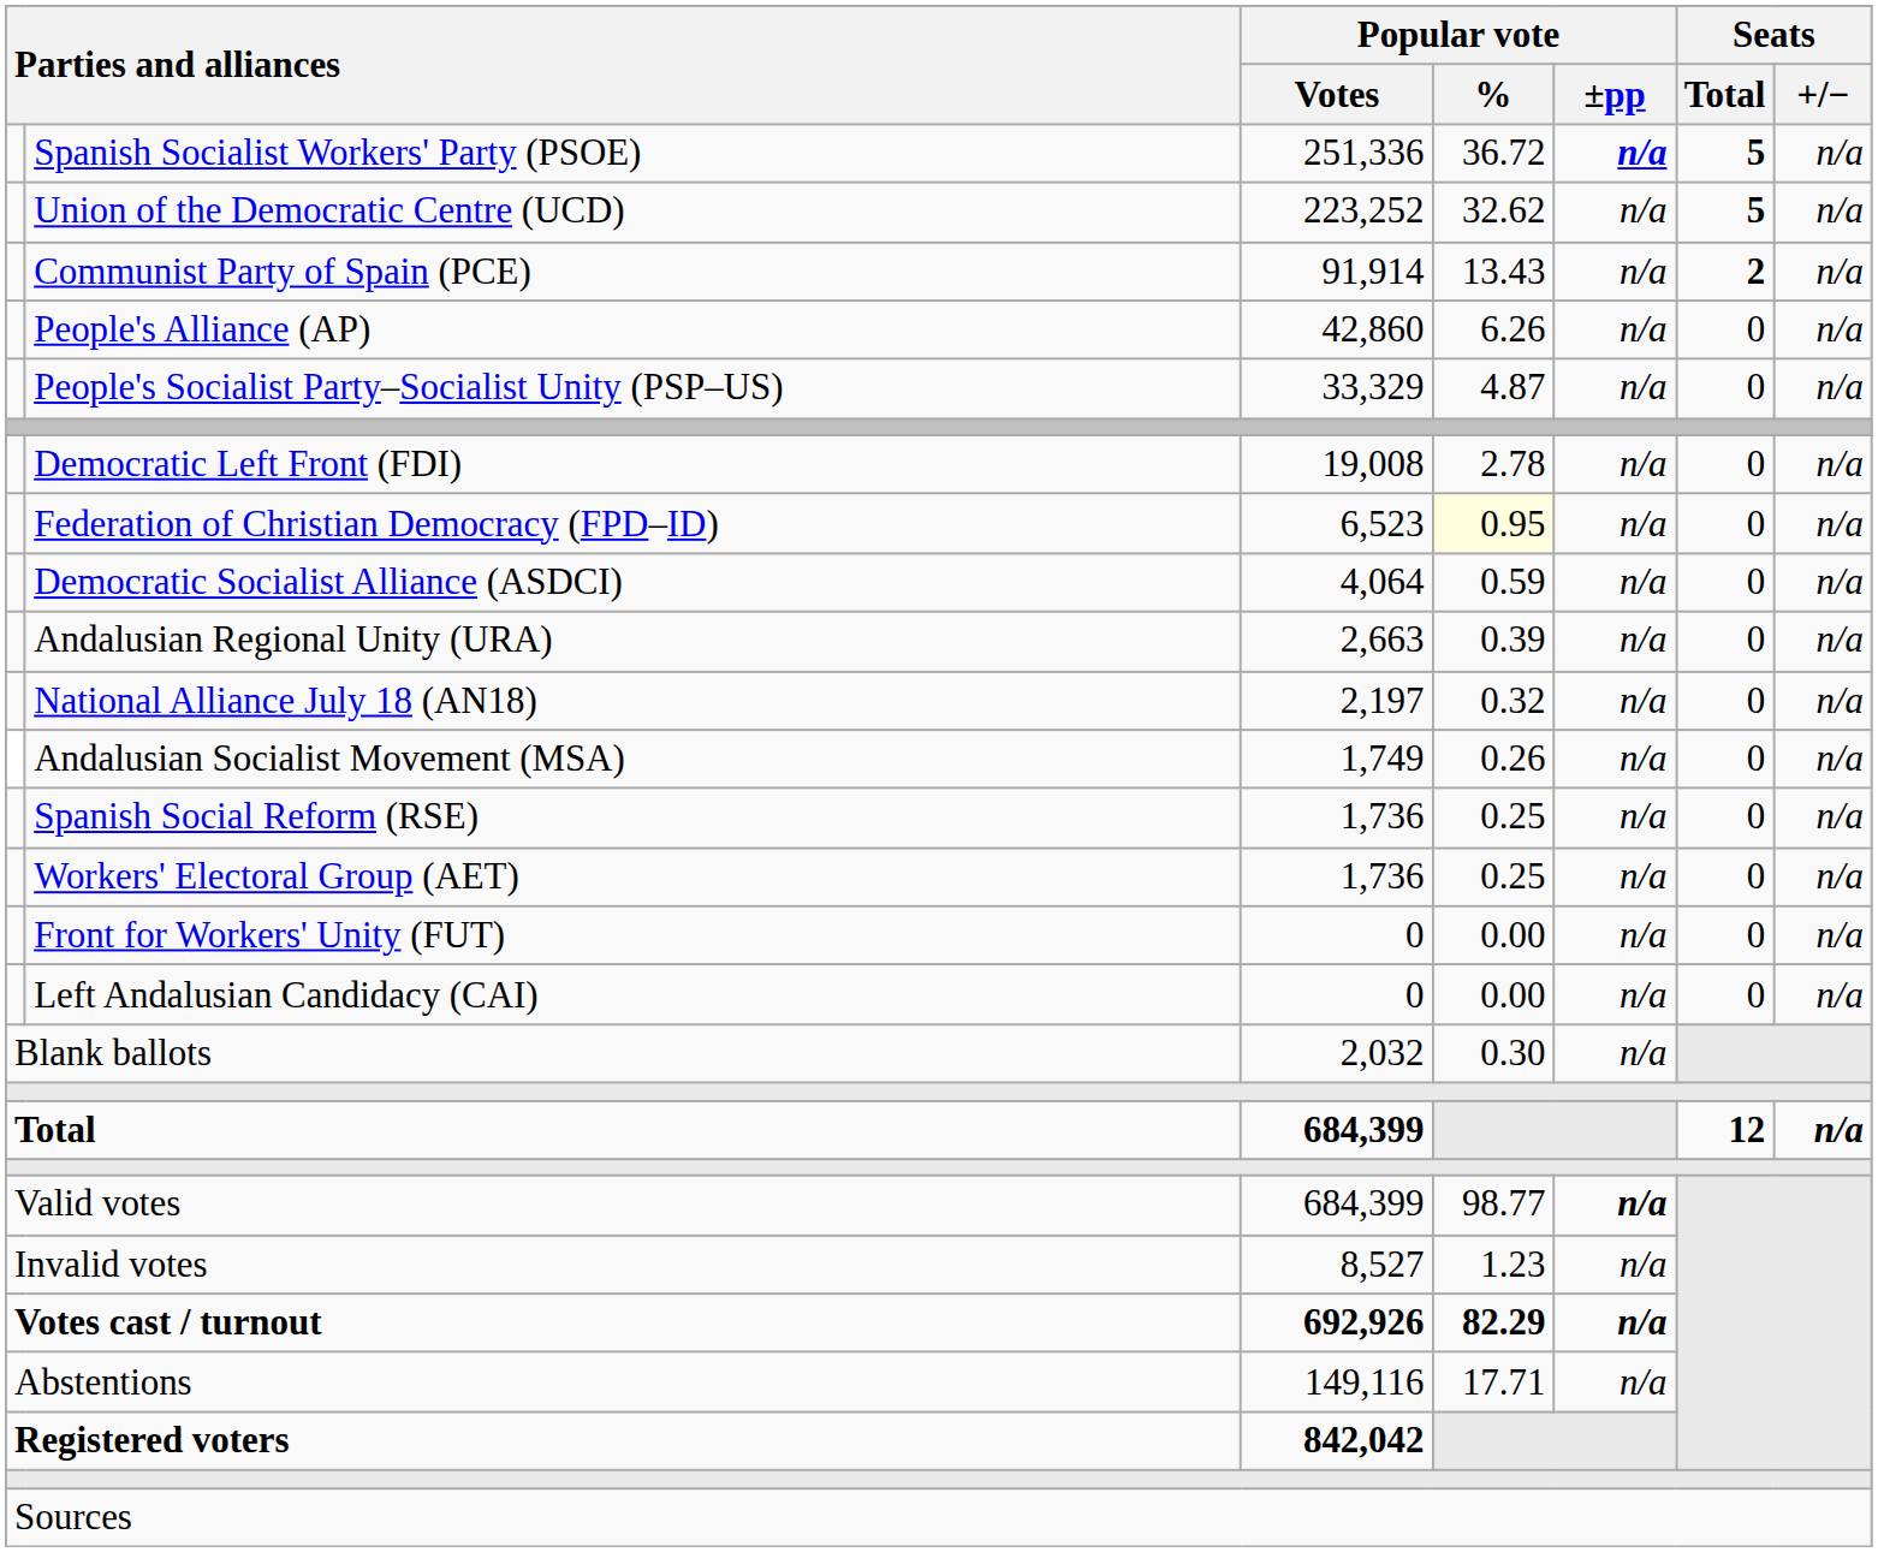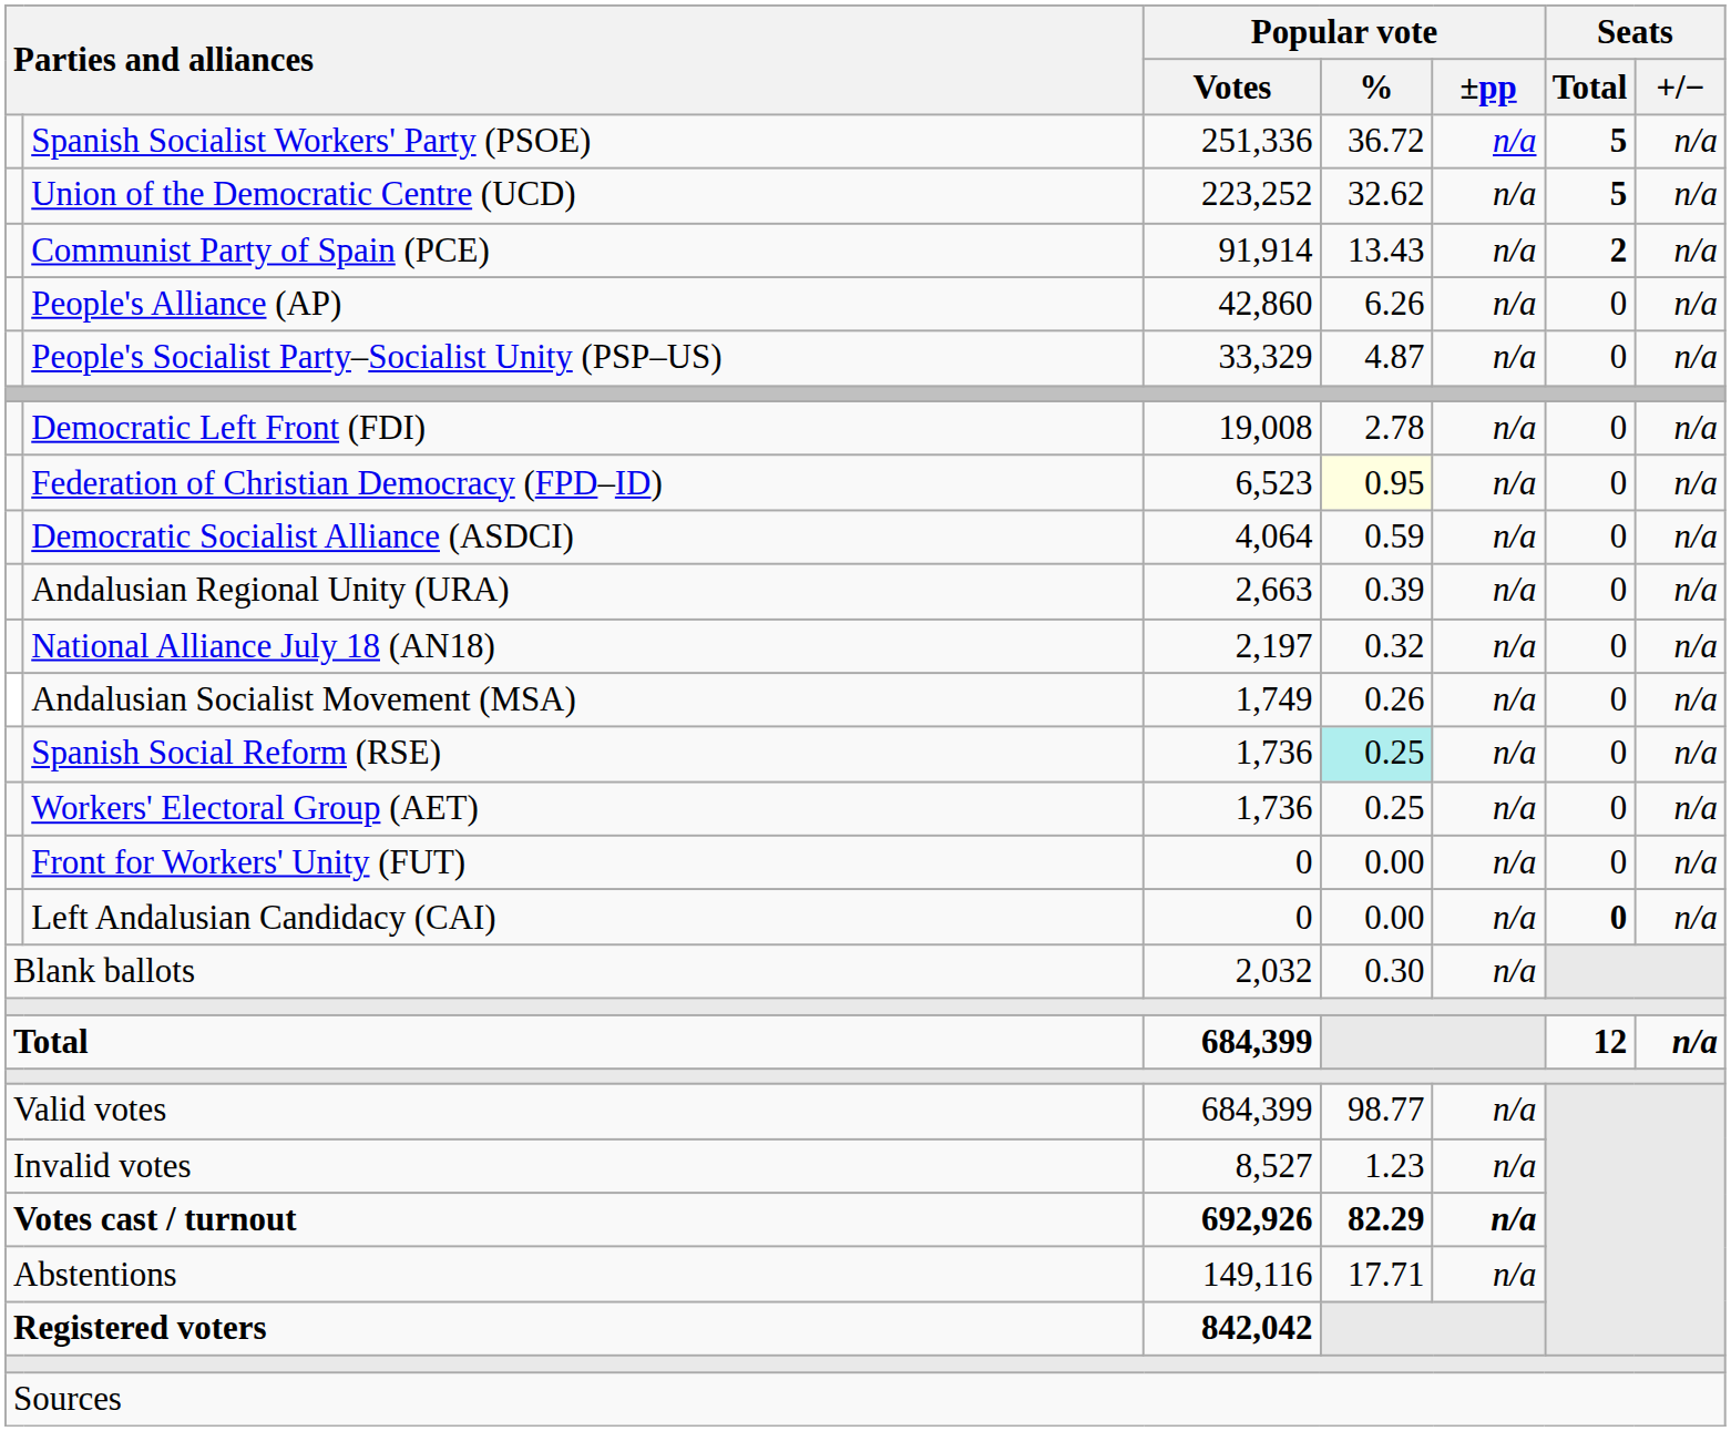 <table class="wikitable" style="text-align:right;">
 <tr>
 <th style="text-align:left;" rowspan="2" colspan="2" width="525">Parties and alliances</th>
 <th colspan="3">Popular vote</th>
 <th colspan="2">Seats</th>
 </tr>
 <tr>
 <th width="75">Votes</th>
 <th width="45">%</th>
 <th width="45">±<a href='#'>pp</a></th>
 <th width="35">Total</th>
 <th width="35">+/−</th>
 </tr>
 <tr>
 <td width="1" style="color:inherit;background:"></td>
 <td align="left"><a href='#'>Spanish Socialist Workers' Party</a> (PSOE)</td>
 <td>251,336</td>
 <td>36.72</td>
-<td><strong><em><a href='#'>n/a</a></em></strong></td>
+<td><em><a href='#'>n/a</a></em></td>
 <td><strong>5</strong></td>
 <td><em>n/a</em></td>
 </tr>
 <tr>
 <td style="color:inherit;background:"></td>
 <td align="left"><a href='#'>Union of the Democratic Centre</a> (UCD)</td>
 <td>223,252</td>
 <td>32.62</td>
 <td><em>n/a</em></td>
 <td><strong>5</strong></td>
 <td><em>n/a</em></td>
 </tr>
 <tr>
 <td style="color:inherit;background:"></td>
 <td align="left"><a href='#'>Communist Party of Spain</a> (PCE)</td>
 <td>91,914</td>
 <td>13.43</td>
 <td><em>n/a</em></td>
 <td><strong>2</strong></td>
 <td><em>n/a</em></td>
 </tr>
 <tr>
 <td style="color:inherit;background:"></td>
 <td align="left"><a href='#'>People's Alliance</a> (AP)</td>
 <td>42,860</td>
 <td>6.26</td>
 <td><em>n/a</em></td>
 <td>0</td>
 <td><em>n/a</em></td>
 </tr>
 <tr>
 <td style="color:inherit;background:"></td>
 <td align="left"><a href='#'>People's Socialist Party</a>–<a href='#'>Socialist Unity</a> (PSP–US)</td>
 <td>33,329</td>
 <td>4.87</td>
 <td><em>n/a</em></td>
 <td>0</td>
 <td><em>n/a</em></td>
 </tr>
 <tr>
 <td colspan="7" bgcolor="#C0C0C0"></td>
 </tr>
 <tr>
 <td style="color:inherit;background:"></td>
 <td align="left"><a href='#'>Democratic Left Front</a> (FDI)</td>
 <td>19,008</td>
 <td>2.78</td>
 <td><em>n/a</em></td>
 <td>0</td>
 <td><em>n/a</em></td>
 </tr>
 <tr>
 <td style="color:inherit;background:"></td>
 <td align="left"><a href='#'>Federation of Christian Democracy</a> (<a href='#'>FPD</a>–<a href='#'>ID</a>)</td>
 <td>6,523</td>
 <td style="background: lightyellow;">0.95</td>
 <td><em>n/a</em></td>
 <td>0</td>
 <td><em>n/a</em></td>
 </tr>
 <tr>
 <td style="color:inherit;background:"></td>
 <td align="left"><a href='#'>Democratic Socialist Alliance</a> (ASDCI)</td>
 <td>4,064</td>
 <td>0.59</td>
 <td><em>n/a</em></td>
 <td>0</td>
 <td><em>n/a</em></td>
 </tr>
 <tr>
 <td style="color:inherit;background:"></td>
 <td align="left">Andalusian Regional Unity (URA)</td>
 <td>2,663</td>
 <td>0.39</td>
 <td><em>n/a</em></td>
 <td>0</td>
 <td><em>n/a</em></td>
 </tr>
 <tr>
 <td style="color:inherit;background:"></td>
 <td align="left"><a href='#'>National Alliance July 18</a> (AN18)</td>
 <td>2,197</td>
 <td>0.32</td>
 <td><em>n/a</em></td>
 <td>0</td>
 <td><em>n/a</em></td>
 </tr>
 <tr>
 <td bgcolor="white"></td>
 <td align="left">Andalusian Socialist Movement (MSA)</td>
 <td>1,749</td>
 <td>0.26</td>
 <td><em>n/a</em></td>
 <td>0</td>
 <td><em>n/a</em></td>
 </tr>
 <tr>
 <td style="color:inherit;background:"></td>
 <td align="left"><a href='#'>Spanish Social Reform</a> (RSE)</td>
 <td>1,736</td>
-<td>0.25</td>
+<td style="background: paleturquoise;">0.25</td>
 <td><em>n/a</em></td>
 <td>0</td>
 <td><em>n/a</em></td>
 </tr>
 <tr>
 <td style="color:inherit;background:"></td>
 <td align="left"><a href='#'>Workers' Electoral Group</a> (AET)</td>
 <td>1,736</td>
 <td>0.25</td>
 <td><em>n/a</em></td>
 <td>0</td>
 <td><em>n/a</em></td>
 </tr>
 <tr>
 <td style="color:inherit;background:"></td>
 <td align="left"><a href='#'>Front for Workers' Unity</a> (FUT)</td>
 <td>0</td>
 <td>0.00</td>
 <td><em>n/a</em></td>
 <td>0</td>
 <td><em>n/a</em></td>
 </tr>
 <tr>
 <td style="color:inherit;background:"></td>
 <td align="left">Left Andalusian Candidacy (CAI)</td>
 <td>0</td>
 <td>0.00</td>
 <td><em>n/a</em></td>
-<td>0</td>
+<td><strong>0</strong></td>
 <td><em>n/a</em></td>
 </tr>
 <tr>
 <td align="left" colspan="2">Blank ballots</td>
 <td>2,032</td>
 <td>0.30</td>
 <td><em>n/a</em></td>
 <td bgcolor="#E9E9E9" colspan="2"></td>
 </tr>
 <tr>
 <td colspan="7" bgcolor="#E9E9E9"></td>
 </tr>
 <tr style="font-weight:bold;">
 <td align="left" colspan="2">Total</td>
 <td>684,399</td>
 <td bgcolor="#E9E9E9" colspan="2"></td>
 <td>12</td>
 <td><em>n/a</em></td>
 </tr>
 <tr>
 <td colspan="7" bgcolor="#E9E9E9"></td>
 </tr>
 <tr>
 <td align="left" colspan="2">Valid votes</td>
 <td>684,399</td>
 <td>98.77</td>
-<td><strong><em>n/a</em></strong></td>
+<td><em>n/a</em></td>
 <td bgcolor="#E9E9E9" colspan="2" rowspan="5"></td>
 </tr>
 <tr>
 <td align="left" colspan="2">Invalid votes</td>
 <td>8,527</td>
 <td>1.23</td>
 <td><em>n/a</em></td>
 </tr>
 <tr style="font-weight:bold;">
 <td align="left" colspan="2">Votes cast / turnout</td>
 <td>692,926</td>
 <td>82.29</td>
 <td><em>n/a</em></td>
 </tr>
 <tr>
 <td align="left" colspan="2">Abstentions</td>
 <td>149,116</td>
 <td>17.71</td>
 <td><em>n/a</em></td>
 </tr>
 <tr style="font-weight:bold;">
 <td align="left" colspan="2">Registered voters</td>
 <td>842,042</td>
 <td bgcolor="#E9E9E9" colspan="2"></td>
 </tr>
 <tr>
 <td colspan="7" bgcolor="#E9E9E9"></td>
 </tr>
 <tr>
 <td align="left" colspan="7">Sources</td>
 </tr>
 </table>
